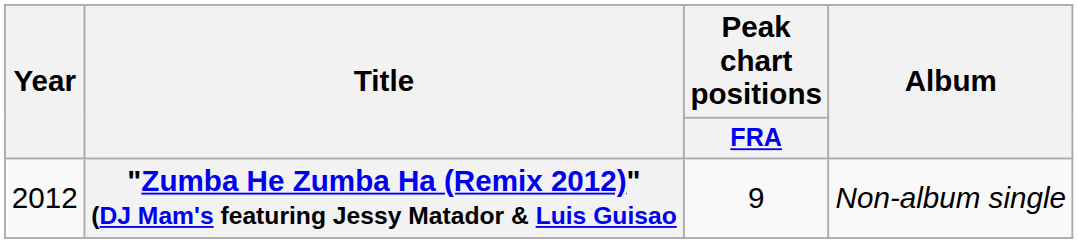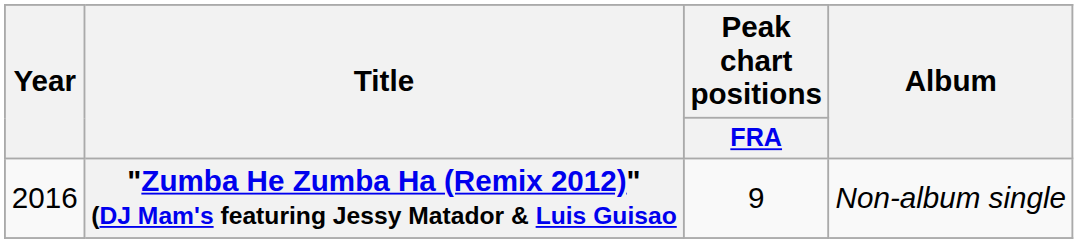 <table class="wikitable plainrowheaders" style="text-align:center;" border="1">
 <tr>
 <th scope="col" rowspan="2">Year</th>
 <th scope="col" rowspan="2">Title</th>
 <th scope="col" colspan="1">Peak <br>chart <br>positions</th>
 <th scope="col" rowspan="2">Album</th>
 </tr>
 <tr>
 <th scope="col" style="width:4em;font-size:85%;"><a href='#'>FRA</a><br></th>
 </tr>
 <tr>
-<td>2012</td>
+<td>2016</td>
 <th scope="row">"<a href='#'>Zumba He Zumba Ha (Remix 2012)</a>" <br><small>(<a href='#'>DJ Mam's</a> featuring Jessy Matador & <a href='#'>Luis Guisao</a></small></th>
 <td>9</td>
 <td><em>Non-album single</em></td>
 </tr>
 </table>
